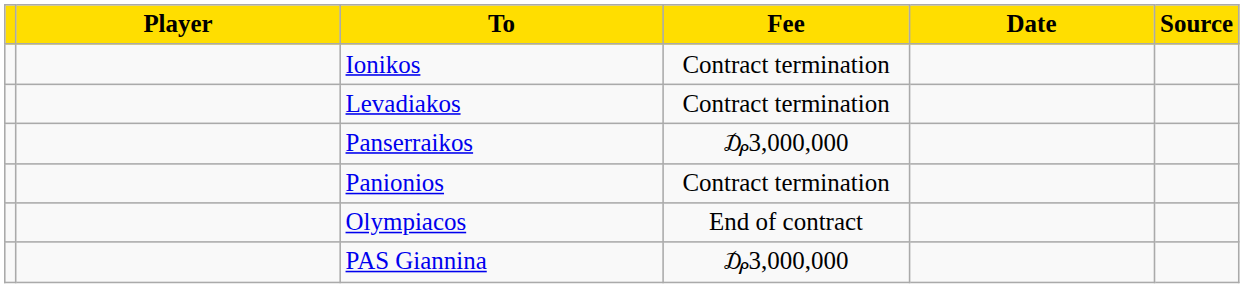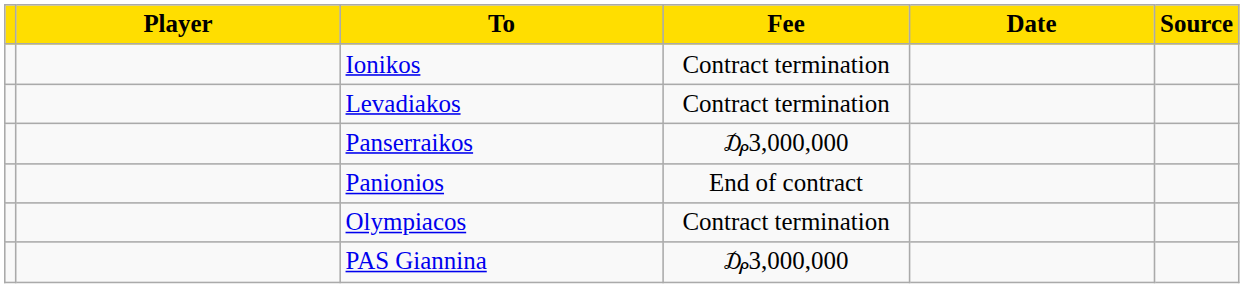 <table class="wikitable sortable">
 <tr>
 <th style="background:#FFDE00"></th>
 <th width=200 style="background:#FFDE00">Player</th>
 <th width=200 style="background:#FFDE00">To</th>
 <th width=150 style="background:#FFDE00">Fee</th>
 <th width=150 style="background:#FFDE00">Date</th>
 <th style="background:#FFDE00">Source</th>
 </tr>
 <tr>
 <td align=center></td>
 <td></td>
 <td> <a href='#'>Ionikos</a></td>
 <td align=center>Contract termination</td>
 <td align=center></td>
 <td align=center></td>
 </tr>
 <tr>
 <td align=center></td>
 <td></td>
 <td> <a href='#'>Levadiakos</a></td>
 <td align=center>Contract termination</td>
 <td align=center></td>
 <td align=center></td>
 </tr>
 <tr>
 <td align=center></td>
 <td></td>
 <td> <a href='#'>Panserraikos</a></td>
 <td align=center>₯3,000,000</td>
 <td align=center></td>
 <td align=center></td>
 </tr>
 <tr>
 <td align=center></td>
 <td></td>
 <td> <a href='#'>Panionios</a></td>
-<td align=center>Contract termination</td>
+<td align=center>End of contract</td>
 <td align=center></td>
 <td align=center></td>
 </tr>
 <tr>
 <td align=center></td>
 <td></td>
 <td> <a href='#'>Olympiacos</a></td>
-<td align=center>End of contract</td>
+<td align=center>Contract termination</td>
 <td align=center></td>
 <td align=center></td>
 </tr>
 <tr>
 <td align=center></td>
 <td></td>
 <td> <a href='#'>PAS Giannina</a></td>
 <td align=center>₯3,000,000</td>
 <td align=center></td>
 <td align=center></td>
 </tr>
 </table>
